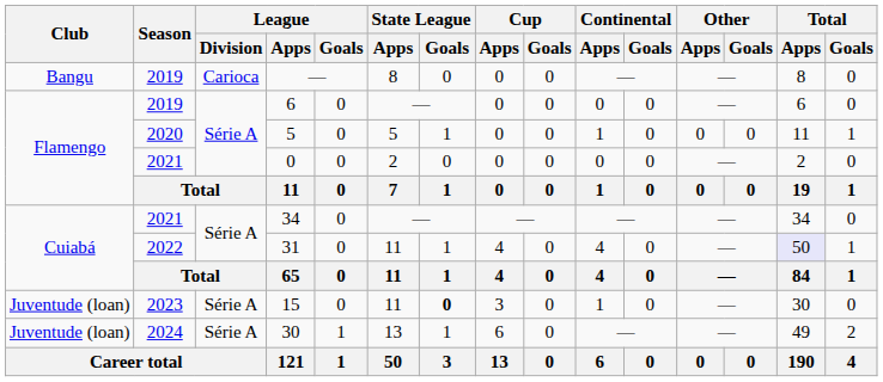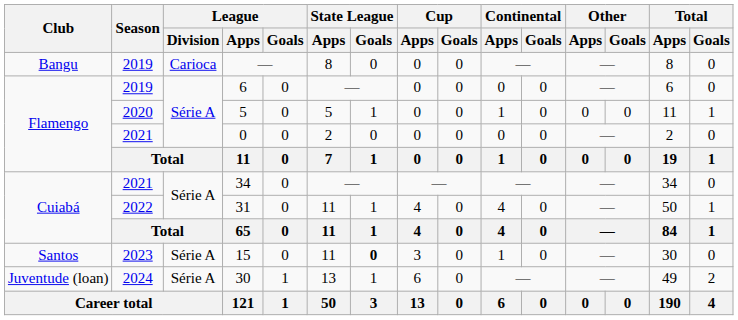 <table class="wikitable" style="text-align: center">
 <tr>
 <th rowspan="2">Club</th>
 <th rowspan="2">Season</th>
 <th colspan="3">League</th>
 <th colspan="2">State League</th>
 <th colspan="2">Cup</th>
 <th colspan="2">Continental</th>
 <th colspan="2">Other</th>
 <th colspan="2">Total</th>
 </tr>
 <tr>
 <th>Division</th>
 <th>Apps</th>
 <th>Goals</th>
 <th>Apps</th>
 <th>Goals</th>
 <th>Apps</th>
 <th>Goals</th>
 <th>Apps</th>
 <th>Goals</th>
 <th>Apps</th>
 <th>Goals</th>
 <th>Apps</th>
 <th>Goals</th>
 </tr>
 <tr>
 <td><a href='#'>Bangu</a></td>
 <td><a href='#'>2019</a></td>
 <td><a href='#'>Carioca</a></td>
 <td colspan="2">—</td>
 <td>8</td>
 <td>0</td>
 <td>0</td>
 <td>0</td>
 <td colspan="2">—</td>
 <td colspan="2">—</td>
 <td>8</td>
 <td>0</td>
 </tr>
 <tr>
 <td rowspan="4"><a href='#'>Flamengo</a></td>
 <td><a href='#'>2019</a></td>
 <td rowspan="3"><a href='#'>Série A</a></td>
 <td>6</td>
 <td>0</td>
 <td colspan="2">—</td>
 <td>0</td>
 <td>0</td>
 <td>0</td>
 <td>0</td>
 <td colspan="2">—</td>
 <td>6</td>
 <td>0</td>
 </tr>
 <tr>
 <td><a href='#'>2020</a></td>
 <td>5</td>
 <td>0</td>
 <td>5</td>
 <td>1</td>
 <td>0</td>
 <td>0</td>
 <td>1</td>
 <td>0</td>
 <td>0</td>
 <td>0</td>
 <td>11</td>
 <td>1</td>
 </tr>
 <tr>
 <td><a href='#'>2021</a></td>
 <td>0</td>
 <td>0</td>
 <td>2</td>
 <td>0</td>
 <td>0</td>
 <td>0</td>
 <td>0</td>
 <td>0</td>
 <td colspan="2">—</td>
 <td>2</td>
 <td>0</td>
 </tr>
 <tr>
 <th colspan="2">Total</th>
 <th>11</th>
 <th>0</th>
 <th>7</th>
 <th>1</th>
 <th>0</th>
 <th>0</th>
 <th>1</th>
 <th>0</th>
 <th>0</th>
 <th>0</th>
 <th>19</th>
 <th>1</th>
 </tr>
 <tr>
 <td rowspan="3"><a href='#'>Cuiabá</a></td>
 <td><a href='#'>2021</a></td>
 <td rowspan="2">Série A</td>
 <td>34</td>
 <td>0</td>
 <td colspan="2">—</td>
 <td colspan="2">—</td>
 <td colspan="2">—</td>
 <td colspan="2">—</td>
 <td>34</td>
 <td>0</td>
 </tr>
 <tr>
 <td><a href='#'>2022</a></td>
 <td>31</td>
 <td>0</td>
 <td>11</td>
 <td>1</td>
 <td>4</td>
 <td>0</td>
 <td>4</td>
 <td>0</td>
 <td colspan="2">—</td>
-<td style="background: lavender;">50</td>
+<td>50</td>
 <td>1</td>
 </tr>
 <tr>
 <th colspan="2">Total</th>
 <th>65</th>
 <th>0</th>
 <th>11</th>
 <th>1</th>
 <th>4</th>
 <th>0</th>
 <th>4</th>
 <th>0</th>
 <th colspan="2">—</th>
 <th>84</th>
 <th>1</th>
 </tr>
 <tr>
-<td><a href='#'>Juventude</a> (loan)</td>
+<td><a href='#'>Santos</a></td>
 <td><a href='#'>2023</a></td>
 <td>Série A</td>
 <td>15</td>
 <td>0</td>
 <td>11</td>
 <td><strong>0</strong></td>
 <td>3</td>
 <td>0</td>
 <td>1</td>
 <td>0</td>
 <td colspan="2">—</td>
 <td>30</td>
 <td>0</td>
 </tr>
 <tr>
 <td><a href='#'>Juventude</a> (loan)</td>
 <td><a href='#'>2024</a></td>
 <td>Série A</td>
 <td>30</td>
 <td>1</td>
 <td>13</td>
 <td>1</td>
 <td>6</td>
 <td>0</td>
 <td colspan="2">—</td>
 <td colspan="2">—</td>
 <td>49</td>
 <td>2</td>
 </tr>
 <tr>
 <th colspan="3"><strong>Career total</strong></th>
 <th>121</th>
 <th>1</th>
 <th>50</th>
 <th>3</th>
 <th>13</th>
 <th>0</th>
 <th>6</th>
 <th>0</th>
 <th>0</th>
 <th>0</th>
 <th>190</th>
 <th>4</th>
 </tr>
 </table>
